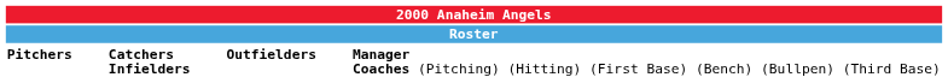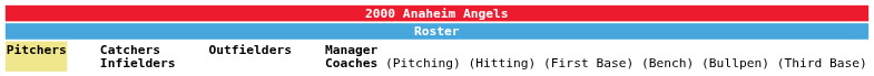 <table class="toccolours" style="font-size: 95%;">
 <tr>
 <th colspan="10" style="background-color: #ED1B2E; color: white; text-align: center;">2000 Anaheim Angels</th>
 </tr>
 <tr>
 <td colspan="10" style="background-color:#47A6DC; color: white; text-align: center;"><strong>Roster</strong></td>
 </tr>
 <tr>
-<td valign="top"><strong>Pitchers</strong><br>                        </td>
+<td valign="top" style="background: khaki;"><strong>Pitchers</strong><br>                        </td>
 <td width="25px"></td>
 <td valign="top"><strong>Catchers</strong><br>   <strong>Infielders</strong>           </td>
 <td width="25px"></td>
 <td valign="top"><strong>Outfielders</strong><br>     </td>
 <td width="25px"></td>
 <td valign="top"><strong>Manager</strong><br> <strong>Coaches</strong>  (Pitching)  (Hitting)  (First Base)  (Bench)  (Bullpen)  (Third Base)</td>
 </tr>
 </table>
